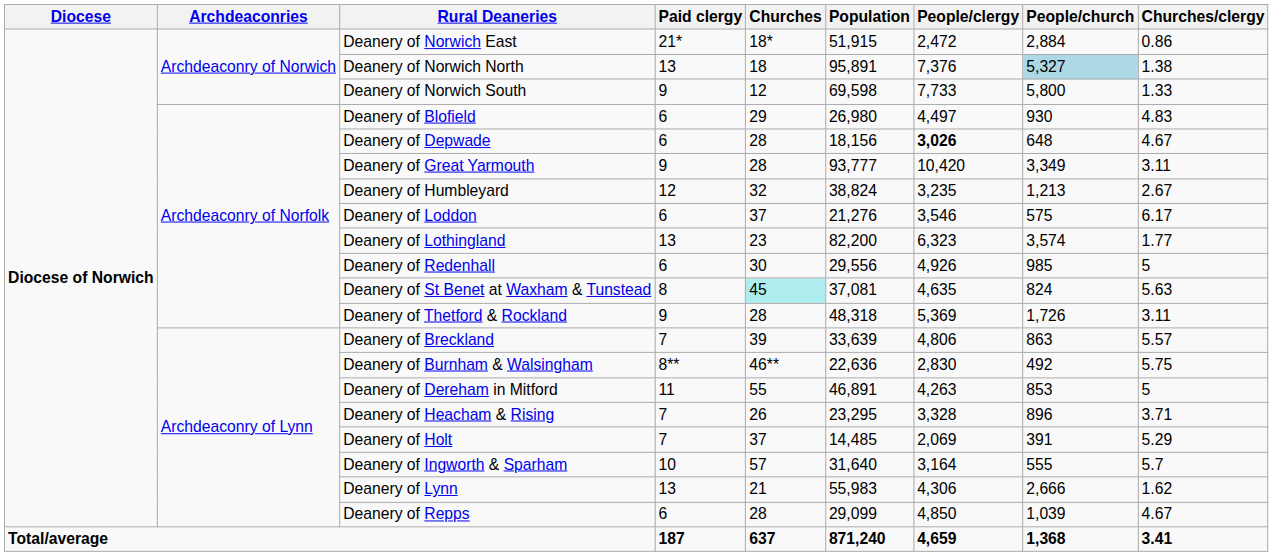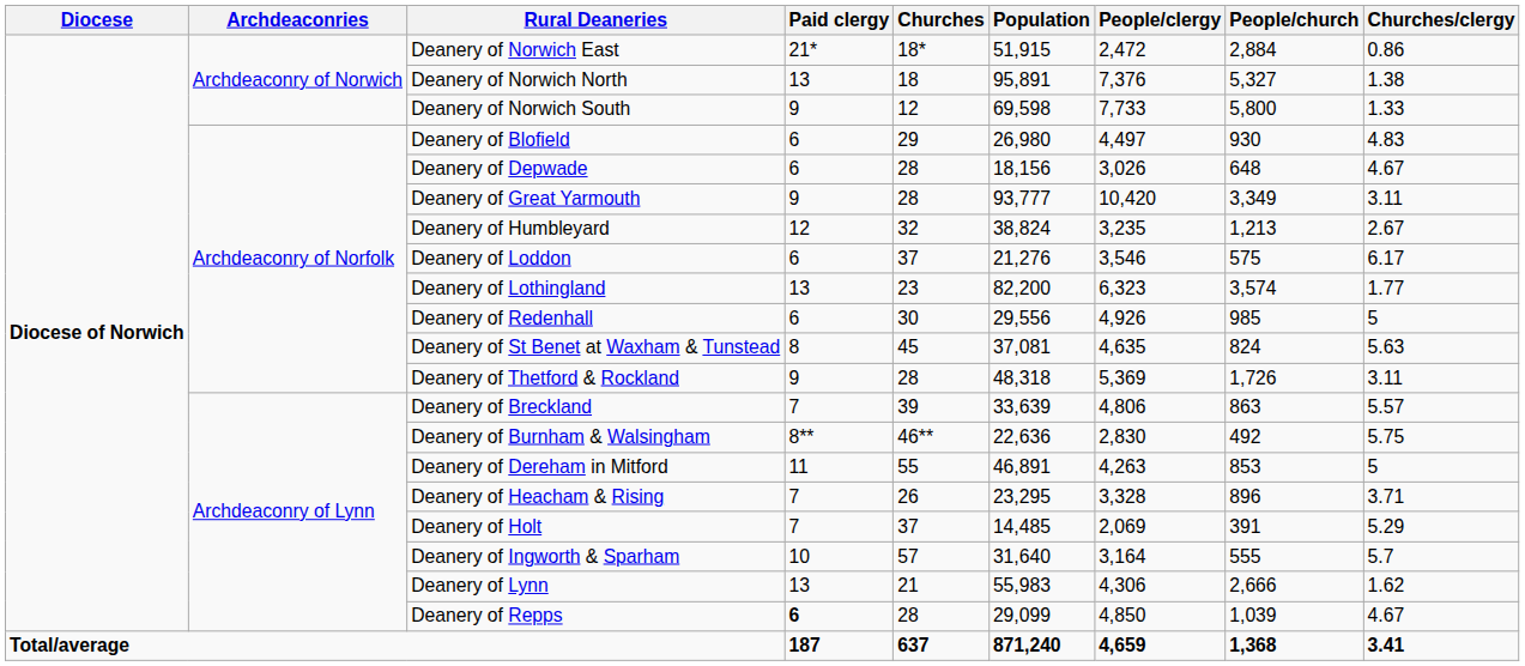 <table class="wikitable sortable">
 <tr>
 <th><a href='#'>Diocese</a></th>
 <th><a href='#'>Archdeaconries</a></th>
 <th><a href='#'>Rural Deaneries</a></th>
 <th>Paid clergy</th>
 <th>Churches</th>
 <th>Population</th>
 <th>People/clergy</th>
 <th>People/church</th>
 <th>Churches/clergy</th>
 </tr>
 <tr>
 <td rowspan="20"><strong>Diocese of Norwich</strong></td>
 <td rowspan="3"><a href='#'>Archdeaconry of Norwich</a></td>
 <td>Deanery of <a href='#'>Norwich</a> East</td>
 <td>21*</td>
 <td>18*</td>
 <td>51,915</td>
 <td>2,472</td>
 <td>2,884</td>
 <td>0.86</td>
 </tr>
 <tr>
 <td>Deanery of Norwich North</td>
 <td>13</td>
 <td>18</td>
 <td>95,891</td>
 <td>7,376</td>
-<td style="background: lightblue;">5,327</td>
+<td>5,327</td>
 <td>1.38</td>
 </tr>
 <tr>
 <td>Deanery of Norwich South</td>
 <td>9</td>
 <td>12</td>
 <td>69,598</td>
 <td>7,733</td>
 <td>5,800</td>
 <td>1.33</td>
 </tr>
 <tr>
 <td rowspan="9"><a href='#'>Archdeaconry of Norfolk</a></td>
 <td>Deanery of <a href='#'>Blofield</a></td>
 <td>6</td>
 <td>29</td>
 <td>26,980</td>
 <td>4,497</td>
 <td>930</td>
 <td>4.83</td>
 </tr>
 <tr>
 <td>Deanery of <a href='#'>Depwade</a></td>
 <td>6</td>
 <td>28</td>
 <td>18,156</td>
-<td><strong>3,026</strong></td>
+<td>3,026</td>
 <td>648</td>
 <td>4.67</td>
 </tr>
 <tr>
 <td>Deanery of <a href='#'>Great Yarmouth</a></td>
 <td>9</td>
 <td>28</td>
 <td>93,777</td>
 <td>10,420</td>
 <td>3,349</td>
 <td>3.11</td>
 </tr>
 <tr>
 <td>Deanery of Humbleyard</td>
 <td>12</td>
 <td>32</td>
 <td>38,824</td>
 <td>3,235</td>
 <td>1,213</td>
 <td>2.67</td>
 </tr>
 <tr>
 <td>Deanery of <a href='#'>Loddon</a></td>
 <td>6</td>
 <td>37</td>
 <td>21,276</td>
 <td>3,546</td>
 <td>575</td>
 <td>6.17</td>
 </tr>
 <tr>
 <td>Deanery of <a href='#'>Lothingland</a></td>
 <td>13</td>
 <td>23</td>
 <td>82,200</td>
 <td>6,323</td>
 <td>3,574</td>
 <td>1.77</td>
 </tr>
 <tr>
 <td>Deanery of <a href='#'>Redenhall</a></td>
 <td>6</td>
 <td>30</td>
 <td>29,556</td>
 <td>4,926</td>
 <td>985</td>
 <td>5</td>
 </tr>
 <tr>
 <td>Deanery of <a href='#'>St Benet</a> at <a href='#'>Waxham</a> & <a href='#'>Tunstead</a></td>
 <td>8</td>
-<td style="background: paleturquoise;">45</td>
+<td>45</td>
 <td>37,081</td>
 <td>4,635</td>
 <td>824</td>
 <td>5.63</td>
 </tr>
 <tr>
 <td>Deanery of <a href='#'>Thetford</a> & <a href='#'>Rockland</a></td>
 <td>9</td>
 <td>28</td>
 <td>48,318</td>
 <td>5,369</td>
 <td>1,726</td>
 <td>3.11</td>
 </tr>
 <tr>
 <td rowspan="8"><a href='#'>Archdeaconry of Lynn</a></td>
 <td>Deanery of <a href='#'>Breckland</a></td>
 <td>7</td>
 <td>39</td>
 <td>33,639</td>
 <td>4,806</td>
 <td>863</td>
 <td>5.57</td>
 </tr>
 <tr>
 <td>Deanery of <a href='#'>Burnham</a> & <a href='#'>Walsingham</a></td>
 <td>8**</td>
 <td>46**</td>
 <td>22,636</td>
 <td>2,830</td>
 <td>492</td>
 <td>5.75</td>
 </tr>
 <tr>
 <td>Deanery of <a href='#'>Dereham</a> in Mitford</td>
 <td>11</td>
 <td>55</td>
 <td>46,891</td>
 <td>4,263</td>
 <td>853</td>
 <td>5</td>
 </tr>
 <tr>
 <td>Deanery of <a href='#'>Heacham</a> & <a href='#'>Rising</a></td>
 <td>7</td>
 <td>26</td>
 <td>23,295</td>
 <td>3,328</td>
 <td>896</td>
 <td>3.71</td>
 </tr>
 <tr>
 <td>Deanery of <a href='#'>Holt</a></td>
 <td>7</td>
 <td>37</td>
 <td>14,485</td>
 <td>2,069</td>
 <td>391</td>
 <td>5.29</td>
 </tr>
 <tr>
 <td>Deanery of <a href='#'>Ingworth</a> & <a href='#'>Sparham</a></td>
 <td>10</td>
 <td>57</td>
 <td>31,640</td>
 <td>3,164</td>
 <td>555</td>
 <td>5.7</td>
 </tr>
 <tr>
 <td>Deanery of <a href='#'>Lynn</a></td>
 <td>13</td>
 <td>21</td>
 <td>55,983</td>
 <td>4,306</td>
 <td>2,666</td>
 <td>1.62</td>
 </tr>
 <tr>
 <td>Deanery of <a href='#'>Repps</a></td>
-<td>6</td>
+<td><strong>6</strong></td>
 <td>28</td>
 <td>29,099</td>
 <td>4,850</td>
 <td>1,039</td>
 <td>4.67</td>
 </tr>
 <tr>
 <td colspan="3"><strong>Total/average</strong></td>
 <td><strong>187</strong></td>
 <td><strong>637</strong></td>
 <td><strong>871,240</strong></td>
 <td><strong>4,659</strong></td>
 <td><strong>1,368</strong></td>
 <td><strong>3.41</strong></td>
 </tr>
 </table>
